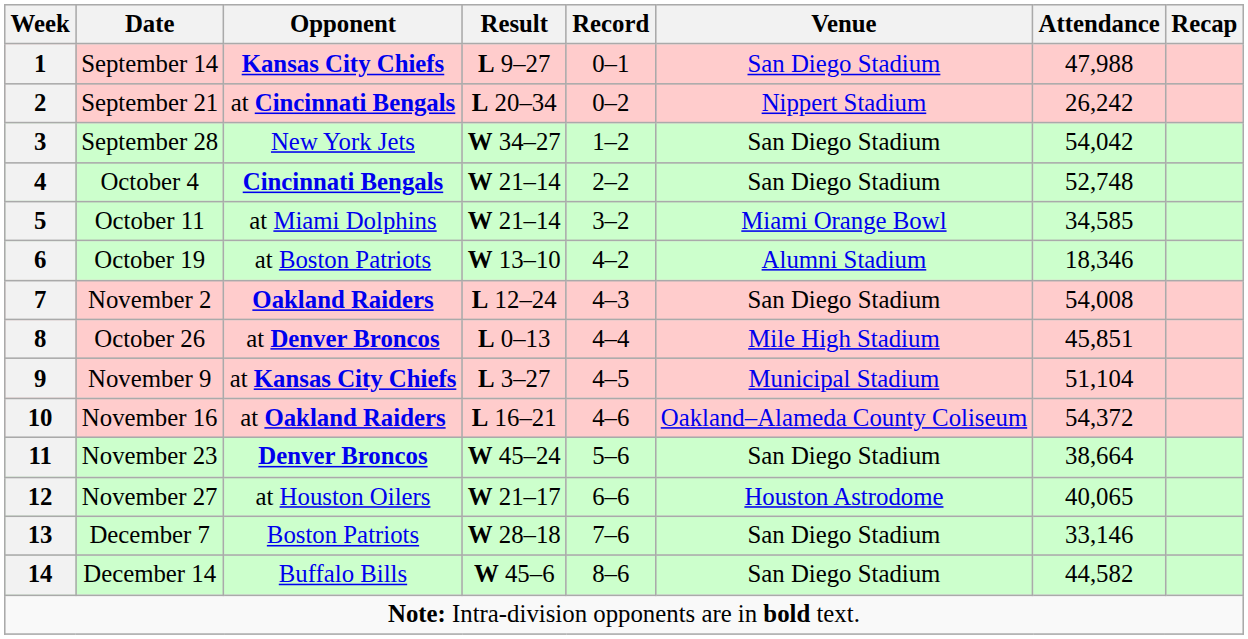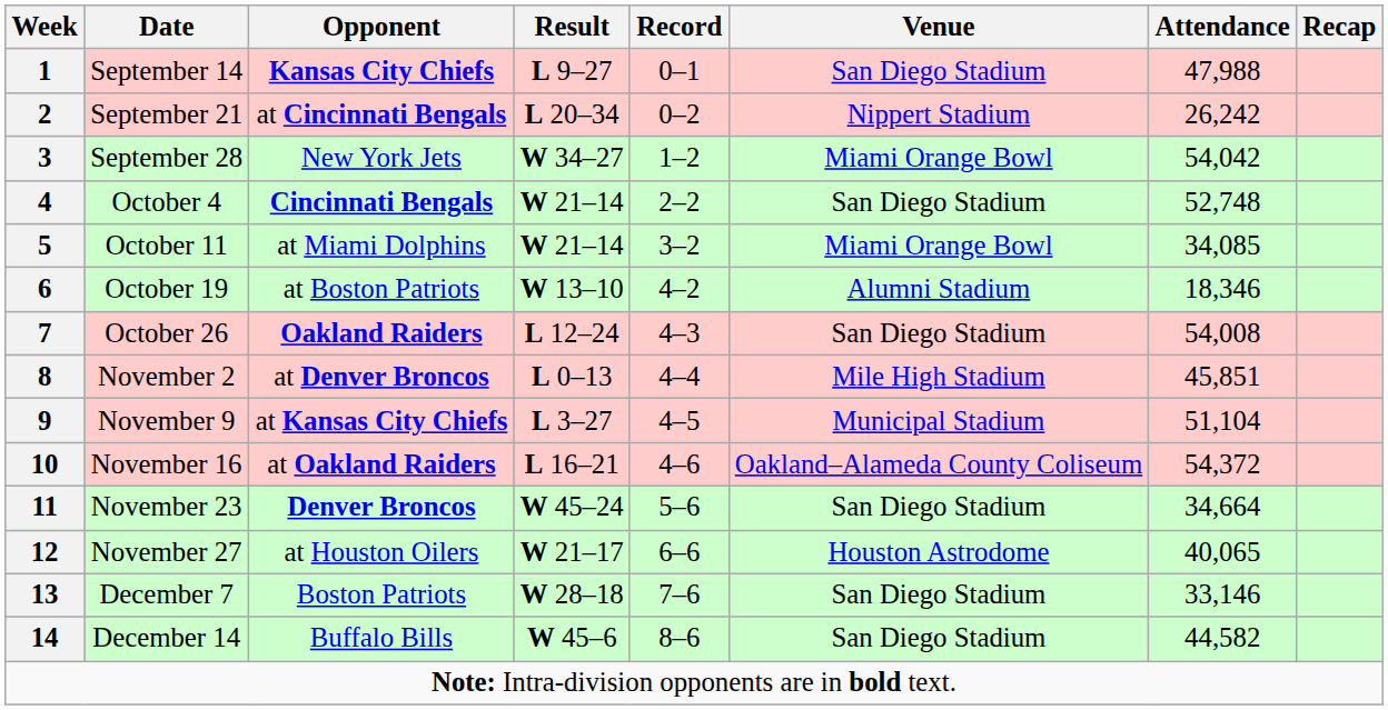 <table class="wikitable" style="text-align:center">
 <tr>
 <th>Week</th>
 <th>Date</th>
 <th>Opponent</th>
 <th>Result</th>
 <th>Record</th>
 <th>Venue</th>
 <th>Attendance</th>
 <th>Recap</th>
 </tr>
 <tr style="background: #fcc;">
 <th>1</th>
 <td>September 14</td>
 <td><strong><a href='#'>Kansas City Chiefs</a></strong></td>
 <td><strong>L</strong> 9–27</td>
 <td>0–1</td>
 <td><a href='#'>San Diego Stadium</a></td>
 <td>47,988</td>
 <td></td>
 </tr>
 <tr style="background: #fcc;">
 <th>2</th>
 <td>September 21</td>
 <td>at <strong><a href='#'>Cincinnati Bengals</a></strong></td>
 <td><strong>L</strong> 20–34</td>
 <td>0–2</td>
 <td><a href='#'>Nippert Stadium</a></td>
 <td>26,242</td>
 <td></td>
 </tr>
 <tr style="background: #cfc;">
 <th>3</th>
 <td>September 28</td>
 <td><a href='#'>New York Jets</a></td>
 <td><strong>W</strong> 34–27</td>
 <td>1–2</td>
-<td>San Diego Stadium</td>
+<td><a href='#'>Miami Orange Bowl</a></td>
 <td>54,042</td>
 <td></td>
 </tr>
 <tr style="background: #cfc;">
 <th>4</th>
 <td>October 4</td>
 <td><strong><a href='#'>Cincinnati Bengals</a></strong></td>
 <td><strong>W</strong> 21–14</td>
 <td>2–2</td>
 <td>San Diego Stadium</td>
 <td>52,748</td>
 <td></td>
 </tr>
 <tr style="background: #cfc;">
 <th>5</th>
 <td>October 11</td>
 <td>at <a href='#'>Miami Dolphins</a></td>
 <td><strong>W</strong> 21–14</td>
 <td>3–2</td>
 <td><a href='#'>Miami Orange Bowl</a></td>
-<td>34,585</td>
+<td>34,085</td>
 <td></td>
 </tr>
 <tr style="background: #cfc;">
 <th>6</th>
 <td>October 19</td>
 <td>at <a href='#'>Boston Patriots</a></td>
 <td><strong>W</strong> 13–10</td>
 <td>4–2</td>
 <td><a href='#'>Alumni Stadium</a></td>
 <td>18,346</td>
 <td></td>
 </tr>
 <tr style="background: #fcc;">
 <th>7</th>
-<td>November 2</td>
+<td>October 26</td>
 <td><strong><a href='#'>Oakland Raiders</a></strong></td>
 <td><strong>L</strong> 12–24</td>
 <td>4–3</td>
 <td>San Diego Stadium</td>
 <td>54,008</td>
 <td></td>
 </tr>
 <tr style="background: #fcc;">
 <th>8</th>
-<td>October 26</td>
+<td>November 2</td>
 <td>at <strong><a href='#'>Denver Broncos</a></strong></td>
 <td><strong>L</strong> 0–13</td>
 <td>4–4</td>
 <td><a href='#'>Mile High Stadium</a></td>
 <td>45,851</td>
 <td></td>
 </tr>
 <tr style="background: #fcc;">
 <th>9</th>
 <td>November 9</td>
 <td>at <strong><a href='#'>Kansas City Chiefs</a></strong></td>
 <td><strong>L</strong> 3–27</td>
 <td>4–5</td>
 <td><a href='#'>Municipal Stadium</a></td>
 <td>51,104</td>
 <td></td>
 </tr>
 <tr style="background: #fcc;">
 <th>10</th>
 <td>November 16</td>
 <td>at <strong><a href='#'>Oakland Raiders</a></strong></td>
 <td><strong>L</strong> 16–21</td>
 <td>4–6</td>
 <td><a href='#'>Oakland–Alameda County Coliseum</a></td>
 <td>54,372</td>
 <td></td>
 </tr>
 <tr style="background: #cfc;">
 <th>11</th>
 <td>November 23</td>
 <td><strong><a href='#'>Denver Broncos</a></strong></td>
 <td><strong>W</strong> 45–24</td>
 <td>5–6</td>
 <td>San Diego Stadium</td>
-<td>38,664</td>
+<td>34,664</td>
 <td></td>
 </tr>
 <tr style="background: #cfc;">
 <th>12</th>
 <td>November 27</td>
 <td>at <a href='#'>Houston Oilers</a></td>
 <td><strong>W</strong> 21–17</td>
 <td>6–6</td>
 <td><a href='#'>Houston Astrodome</a></td>
 <td>40,065</td>
 <td></td>
 </tr>
 <tr style="background: #cfc;">
 <th>13</th>
 <td>December 7</td>
 <td><a href='#'>Boston Patriots</a></td>
 <td><strong>W</strong> 28–18</td>
 <td>7–6</td>
 <td>San Diego Stadium</td>
 <td>33,146</td>
 <td></td>
 </tr>
 <tr style="background: #cfc;">
 <th>14</th>
 <td>December 14</td>
 <td><a href='#'>Buffalo Bills</a></td>
 <td><strong>W</strong> 45–6</td>
 <td>8–6</td>
 <td>San Diego Stadium</td>
 <td>44,582</td>
 <td></td>
 </tr>
 <tr>
 <td colspan="8"><strong>Note:</strong> Intra-division opponents are in <strong>bold</strong> text.</td>
 </tr>
 </table>
